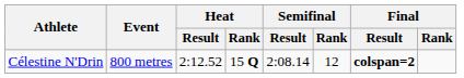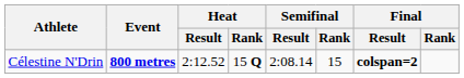 <table class=wikitable style=font-size:90%>
 <tr>
 <th rowspan=2>Athlete</th>
 <th rowspan=2>Event</th>
 <th colspan=2>Heat</th>
 <th colspan=2>Semifinal</th>
 <th colspan=2>Final</th>
 </tr>
 <tr style=font-size:95%>
 <th>Result</th>
 <th>Rank</th>
 <th>Result</th>
 <th>Rank</th>
 <th>Result</th>
 <th>Rank</th>
 </tr>
 <tr align=center>
 <td align=left><a href='#'>Célestine N'Drin</a></td>
-<td align=left><a href='#'>800 metres</a></td>
+<td align=left><strong><a href='#'>800 metres</a></strong></td>
 <td>2:12.52</td>
 <td>15 <strong>Q</strong></td>
 <td>2:08.14</td>
-<td>12</td>
+<td>15</td>
 <td><strong>colspan=2 </strong></td>
 </tr>
 </table>
